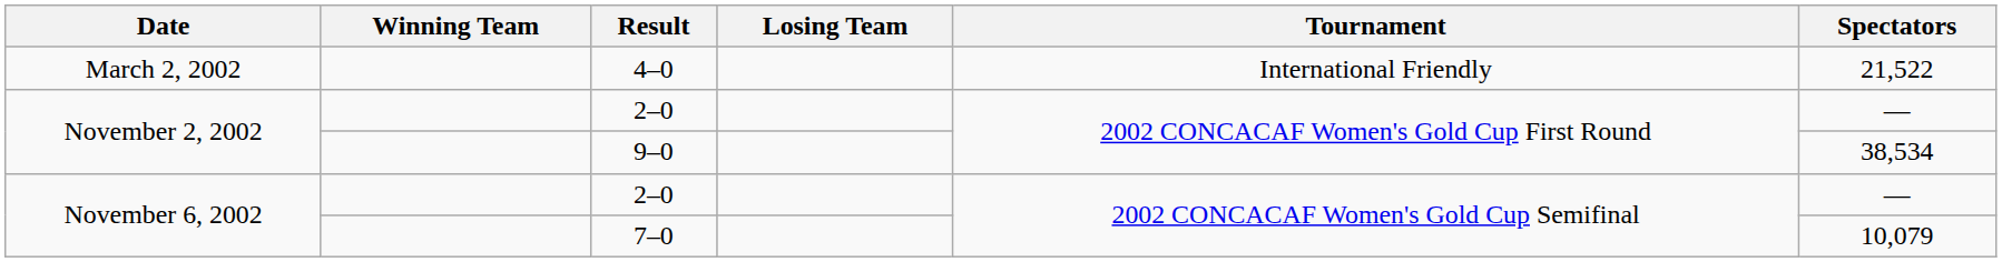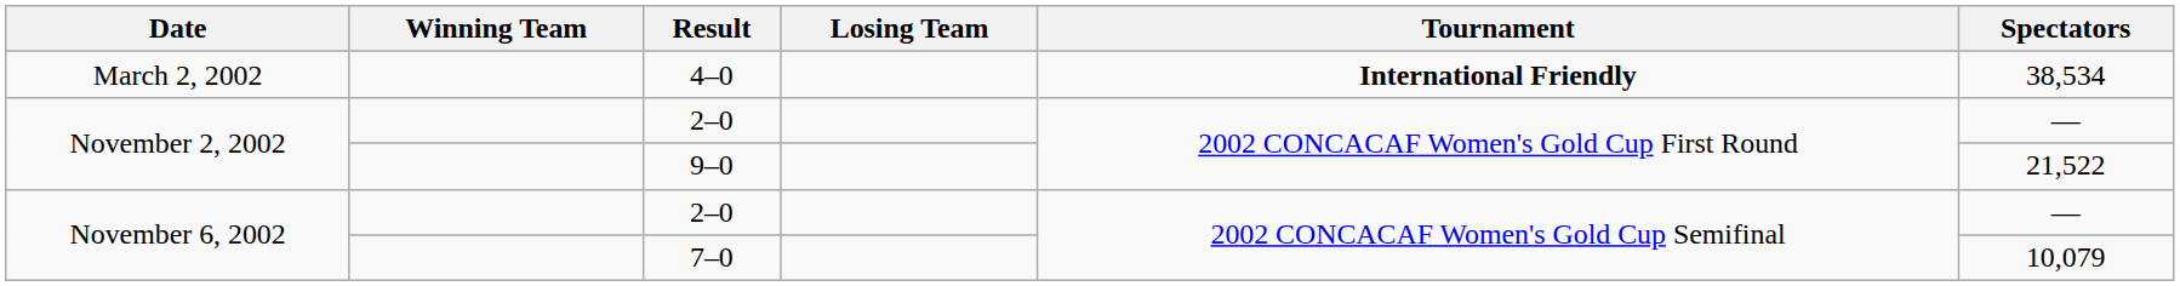 <table class="wikitable" style="text-align:left; width:95%;" style="text-align:center">
 <tr>
 <th style="text-align:center; ">Date</th>
 <th style="text-align:center; ">Winning Team</th>
 <th style="text-align:center; ">Result</th>
 <th style="text-align:center; ">Losing Team</th>
 <th style="text-align:center; ">Tournament</th>
 <th style="text-align:center; ">Spectators</th>
 </tr>
 <tr>
 <td style="text-align:center;">March 2, 2002</td>
 <td><strong></strong></td>
 <td style="text-align:center;">4–0</td>
 <td></td>
-<td style="text-align:center;">International Friendly</td>
-<td style="text-align:center;">21,522</td>
+<td style="text-align:center;"><strong>International Friendly</strong></td>
+<td style="text-align:center;">38,534</td>
 </tr>
 <tr>
 <td style="text-align:center;" rowspan=2>November 2, 2002</td>
 <td><strong></strong></td>
 <td style="text-align:center;">2–0</td>
 <td></td>
 <td style="text-align:center;" rowspan=2><a href='#'>2002 CONCACAF Women's Gold Cup</a> First Round</td>
 <td style="text-align:center;">—</td>
 </tr>
 <tr>
 <td><strong></strong></td>
 <td style="text-align:center;">9–0</td>
 <td></td>
-<td style="text-align:center;">38,534</td>
+<td style="text-align:center;">21,522</td>
 </tr>
 <tr>
 <td style="text-align:center;" rowspan=2>November 6, 2002</td>
 <td><strong></strong></td>
 <td style="text-align:center;">2–0</td>
 <td></td>
 <td style="text-align:center;" rowspan=2><a href='#'>2002 CONCACAF Women's Gold Cup</a> Semifinal</td>
 <td style="text-align:center;">—</td>
 </tr>
 <tr>
 <td><strong></strong></td>
 <td style="text-align:center;">7–0</td>
 <td></td>
 <td style="text-align:center;">10,079</td>
 </tr>
 </table>
